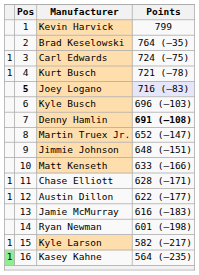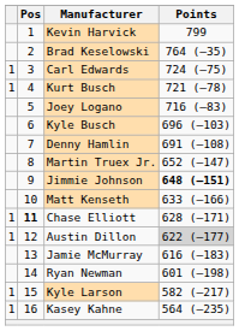 <table class="wikitable" style="font-size:95%">
 <tr>
 </tr>
 <tr>
 <th></th>
 <th>Pos</th>
 <th>Manufacturer</th>
 <th>Points</th>
 </tr>
 <tr>
 <td align="left"></td>
 <td style="text-align:center;">1</td>
 <td style="background:#FFDEAD;">Kevin Harvick</td>
 <td style="text-align:center;">799</td>
 </tr>
 <tr>
 <td align="left"></td>
 <td style="text-align:center;">2</td>
 <td style="background:#FFDEAD;">Brad Keselowski</td>
 <td style="text-align:center;">764 (–35)</td>
 </tr>
 <tr>
 <td align="left"> 1</td>
 <td style="text-align:center;">3</td>
 <td style="background:#FFDEAD;">Carl Edwards</td>
 <td style="text-align:center;">724 (–75)</td>
 </tr>
 <tr>
 <td align="left"> 1</td>
 <td style="text-align:center;">4</td>
 <td style="background:#FFDEAD;">Kurt Busch</td>
 <td style="text-align:center;">721 (–78)</td>
 </tr>
 <tr>
 <td align="left"></td>
-<td style="text-align:center;"><strong>5</strong></td>
+<td style="text-align:center;">5</td>
 <td style="background:#FFDEAD;">Joey Logano</td>
-<td style="background: lavender; text-align:center;">716 (–83)</td>
+<td style="text-align:center;">716 (–83)</td>
 </tr>
 <tr>
 <td align="left"></td>
 <td style="text-align:center;">6</td>
 <td style="background:#FFDEAD;">Kyle Busch</td>
 <td style="text-align:center;">696 (–103)</td>
 </tr>
 <tr>
 <td align="left"></td>
 <td style="text-align:center;">7</td>
 <td style="background:#FFDEAD;">Denny Hamlin</td>
-<td style="text-align:center;"><strong>691 (–108)</strong></td>
+<td style="text-align:center;">691 (–108)</td>
 </tr>
 <tr>
 <td align="left"></td>
 <td style="text-align:center;">8</td>
 <td style="background:#FFDEAD;">Martin Truex Jr.</td>
 <td style="text-align:center;">652 (–147)</td>
 </tr>
 <tr>
 <td align="left"></td>
 <td style="text-align:center;">9</td>
 <td style="background:#FFDEAD;">Jimmie Johnson</td>
-<td style="text-align:center;">648 (–151)</td>
+<td style="text-align:center;"><strong>648 (–151)</strong></td>
 </tr>
 <tr>
 <td align="left"></td>
 <td style="text-align:center;">10</td>
 <td style="background:#FFDEAD;">Matt Kenseth</td>
 <td style="text-align:center;">633 (–166)</td>
 </tr>
 <tr>
 <td align="left"> 1</td>
-<td style="text-align:center;">11</td>
+<td style="text-align:center;"><strong>11</strong></td>
 <td>Chase Elliott</td>
 <td style="text-align:center;">628 (–171)</td>
 </tr>
 <tr>
 <td align="left"> 1</td>
 <td style="text-align:center;">12</td>
 <td>Austin Dillon</td>
-<td style="text-align:center;">622 (–177)</td>
+<td style="background: lightgrey; text-align:center;">622 (–177)</td>
 </tr>
 <tr>
 <td align="left"></td>
 <td style="text-align:center;">13</td>
 <td>Jamie McMurray</td>
 <td style="text-align:center;">616 (–183)</td>
 </tr>
 <tr>
 <td align="left"></td>
 <td style="text-align:center;">14</td>
 <td>Ryan Newman</td>
 <td style="text-align:center;">601 (–198)</td>
 </tr>
 <tr>
 <td align="left"> 1</td>
 <td style="text-align:center;">15</td>
 <td style="background:#FFDEAD;">Kyle Larson</td>
 <td style="text-align:center;">582 (–217)</td>
 </tr>
 <tr>
-<td align="left" style="background: lightgreen;"> 1</td>
+<td align="left"> 1</td>
 <td style="text-align:center;">16</td>
 <td>Kasey Kahne</td>
 <td style="text-align:center;">564 (–235)</td>
 </tr>
 <tr class="sortbottom">
 <th colspan="9"></th>
 </tr>
 </table>
